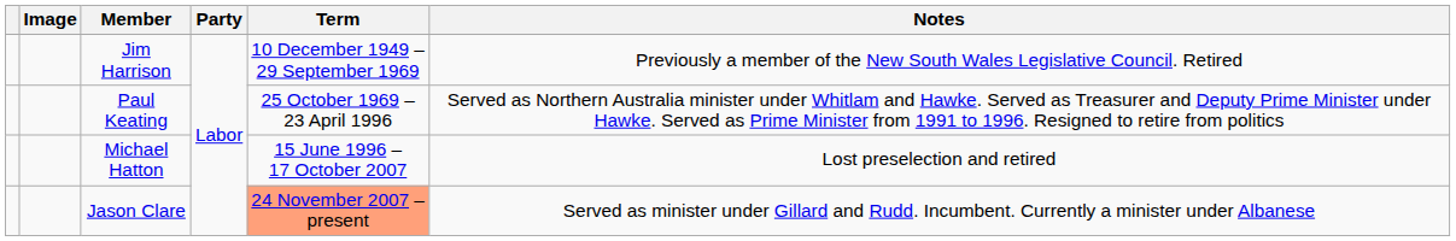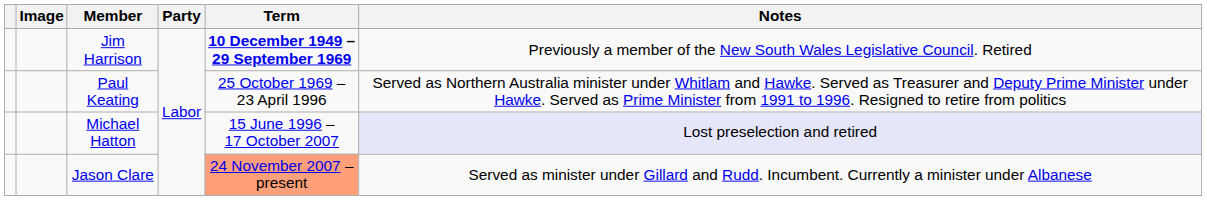 <table class=wikitable style="text-align:center">
 <tr>
 <th></th>
 <th>Image</th>
 <th>Member</th>
 <th>Party</th>
 <th>Term</th>
 <th>Notes</th>
 </tr>
 <tr>
 </tr>
 <tr>
 <td> </td>
 <td></td>
 <td><a href='#'>Jim Harrison</a><br></td>
 <td rowspan="4"><a href='#'>Labor</a></td>
-<td nowrap><a href='#'>10 December 1949</a> –<br><a href='#'>29 September 1969</a></td>
+<td nowrap><strong><a href='#'>10 December 1949</a> –<br><a href='#'>29 September 1969</a></strong></td>
 <td>Previously a member of the <a href='#'>New South Wales Legislative Council</a>. Retired</td>
 </tr>
 <tr>
 <td> </td>
 <td></td>
 <td><a href='#'>Paul Keating</a><br></td>
 <td nowrap><a href='#'>25 October 1969</a> –<br>23 April 1996</td>
 <td>Served as Northern Australia minister under <a href='#'>Whitlam</a> and <a href='#'>Hawke</a>. Served as Treasurer and <a href='#'>Deputy Prime Minister</a> under <a href='#'>Hawke</a>. Served as <a href='#'>Prime Minister</a> from <a href='#'>1991 to 1996</a>. Resigned to retire from politics</td>
 </tr>
 <tr>
 <td> </td>
 <td></td>
 <td><a href='#'>Michael Hatton</a><br></td>
 <td nowrap><a href='#'>15 June 1996</a> –<br><a href='#'>17 October 2007</a></td>
-<td>Lost preselection and retired</td>
+<td style="background: lavender;">Lost preselection and retired</td>
 </tr>
 <tr>
 <td> </td>
 <td></td>
 <td><a href='#'>Jason Clare</a><br></td>
 <td nowrap style="background: lightsalmon;"><a href='#'>24 November 2007</a> –<br>present</td>
 <td>Served as minister under <a href='#'>Gillard</a> and <a href='#'>Rudd</a>. Incumbent. Currently a minister under <a href='#'>Albanese</a></td>
 </tr>
 </table>
